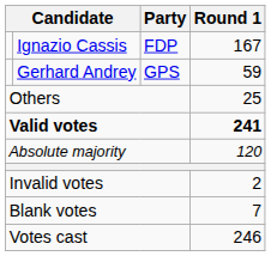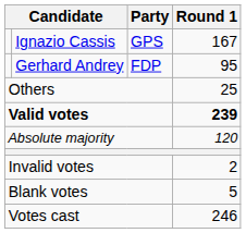 <table class="wikitable" style="text-align:right;">
 <tr>
 <th colspan="2">Candidate</th>
 <th>Party</th>
 <th>Round 1</th>
 </tr>
 <tr>
 <td style="background-color:"></td>
 <td style="text-align:left;"><a href='#'>Ignazio Cassis</a></td>
-<td style="text-align:left;"><a href='#'>FDP</a></td>
+<td style="text-align:left;"><a href='#'>GPS</a></td>
 <td>167</td>
 </tr>
 <tr>
 <td style="background-color:"></td>
 <td style="text-align:left;"><a href='#'>Gerhard Andrey</a></td>
-<td style="text-align:left;"><a href='#'>GPS</a></td>
-<td>59</td>
+<td style="text-align:left;"><a href='#'>FDP</a></td>
+<td>95</td>
 </tr>
 <tr>
 <td colspan="3" style="text-align:left;">Others</td>
 <td>25</td>
 </tr>
 <tr style="font-weight:bold;">
 <td colspan="3" style="text-align:left;">Valid votes</td>
-<td>241</td>
+<td>239</td>
 </tr>
 <tr style="font-style:italic; font-size:90%;">
 <td colspan="3" style="text-align:left;">Absolute majority</td>
 <td>120</td>
 </tr>
 <tr>
 <th colspan="10"></th>
 </tr>
 <tr>
 <td colspan="3" style="text-align:left;">Invalid votes</td>
 <td>2</td>
 </tr>
 <tr>
 <td colspan="3" style="text-align:left;">Blank votes</td>
-<td>7</td>
+<td>5</td>
 </tr>
 <tr>
 <td colspan="3" style="text-align:left;">Votes cast</td>
 <td>246</td>
 </tr>
 </table>
